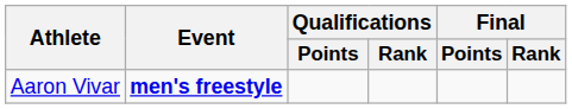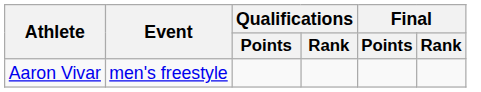 <table class=wikitable style="font-size:90%">
 <tr>
 <th rowspan="2">Athlete</th>
 <th rowspan="2">Event</th>
 <th colspan="2">Qualifications</th>
 <th colspan="2">Final</th>
 </tr>
 <tr style="font-size:95%">
 <th>Points</th>
 <th>Rank</th>
 <th>Points</th>
 <th>Rank</th>
 </tr>
 <tr align=center>
 <td align=left rowspan=2><a href='#'>Aaron Vivar</a></td>
-<td align=left><strong><a href='#'>men's freestyle</a></strong></td>
+<td align=left><a href='#'>men's freestyle</a></td>
 <td></td>
 <td></td>
 <td></td>
 <td></td>
 </tr>
 </table>
